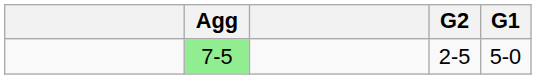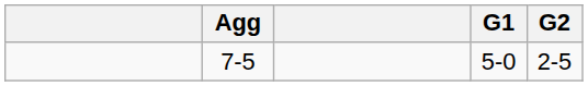 <table class=wikitable style="text-align:center">
 <tr>
 <th width=125></th>
 <th width=40>Agg</th>
 <th width=125></th>
+<th width=30>G1</th>
 <th width=30>G2</th>
-<th width=30>G1</th>
 </tr>
 <tr>
 <td style="text-align:right;"><strong></strong></td>
-<td style="background: lightgreen;">7-5</td>
+<td>7-5</td>
 <td style="text-align:left;"></td>
+<td>5-0</td>
 <td>2-5</td>
-<td>5-0</td>
 </tr>
 </table>
